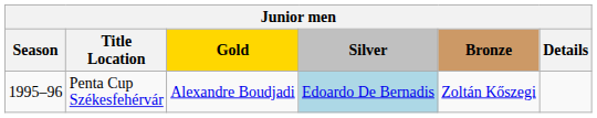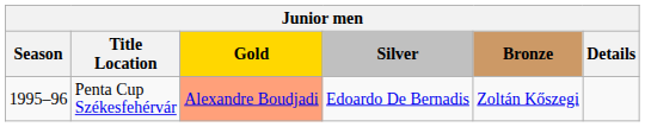 <table class="wikitable">
 <tr>
 <th colspan=6>Junior men</th>
 </tr>
 <tr>
 <th>Season</th>
 <th>Title <br>Location</th>
 <td align=center bgcolor=gold><strong>Gold</strong></td>
 <td align=center bgcolor=silver><strong>Silver</strong></td>
 <td align=center bgcolor=cc9966><strong>Bronze</strong></td>
 <th>Details</th>
 </tr>
 <tr>
 <td>1995–96</td>
 <td>Penta Cup <br><a href='#'>Székesfehérvár</a></td>
-<td> <a href='#'>Alexandre Boudjadi</a></td>
-<td style="background: lightblue;"> <a href='#'>Edoardo De Bernadis</a></td>
+<td style="background: lightsalmon;"> <a href='#'>Alexandre Boudjadi</a></td>
+<td> <a href='#'>Edoardo De Bernadis</a></td>
 <td> <a href='#'>Zoltán Kőszegi</a></td>
 <td></td>
 </tr>
 </table>
